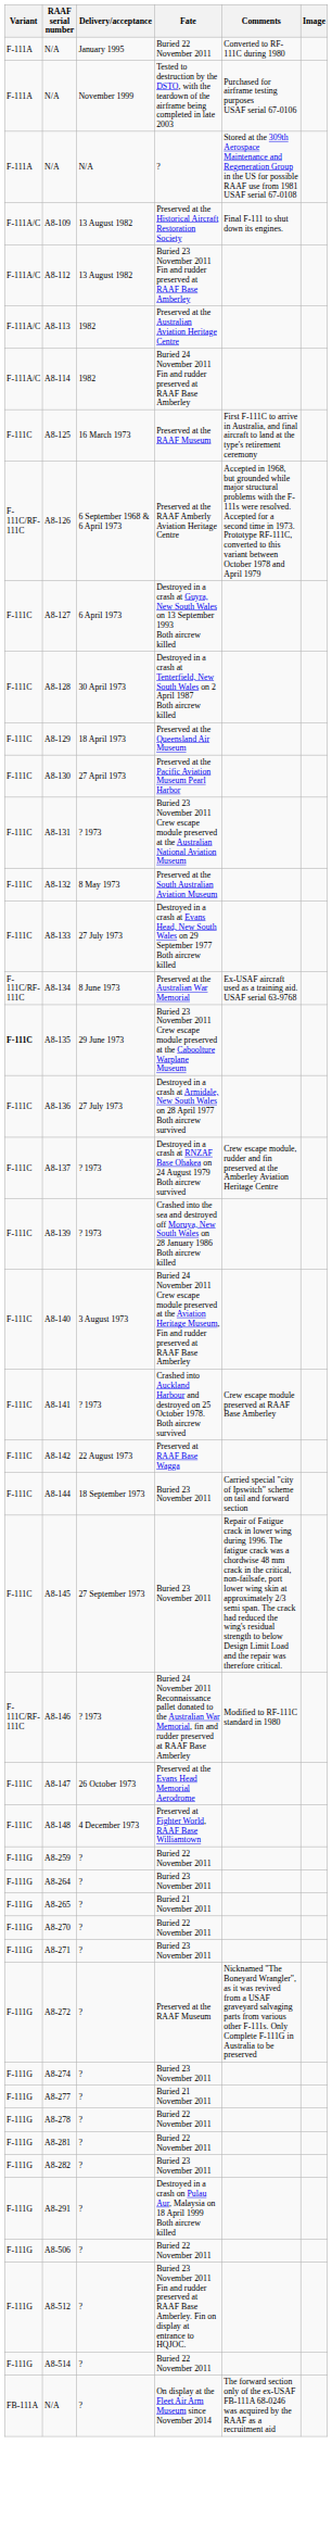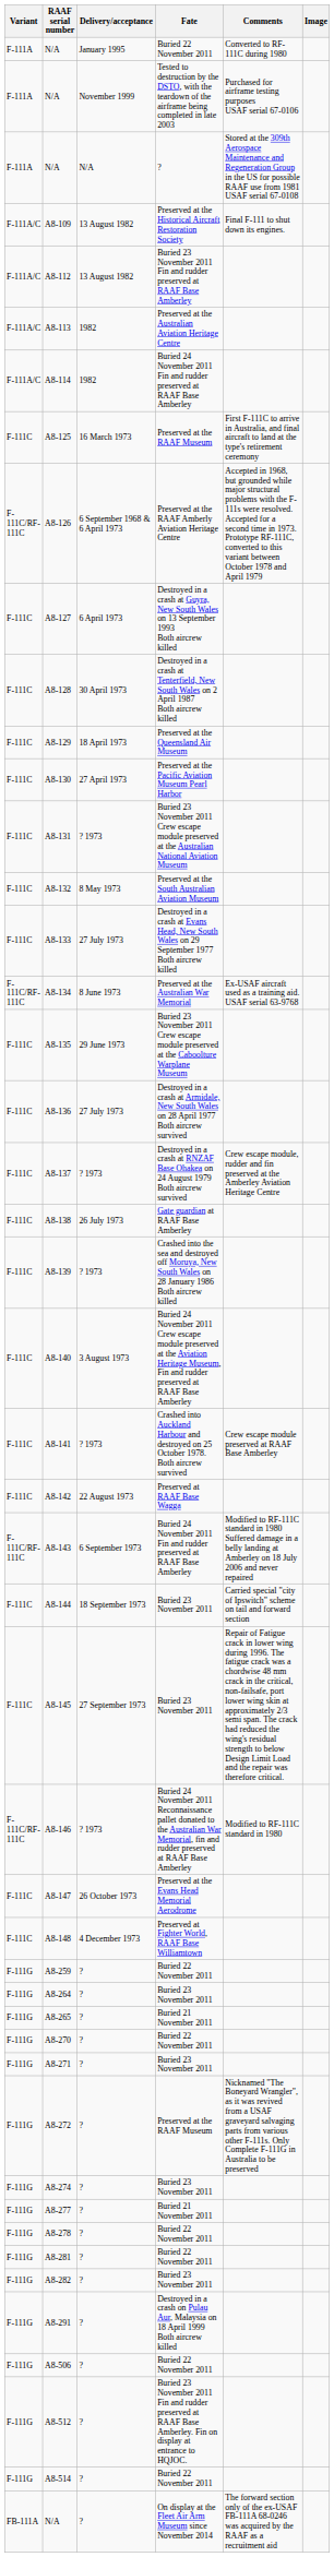 <table class="wikitable">
 <tr>
 <th>Variant</th>
 <th>RAAF serial number</th>
 <th>Delivery/acceptance</th>
 <th>Fate</th>
 <th>Comments</th>
 <th>Image</th>
 </tr>
 <tr>
 <td>F-111A</td>
 <td>N/A</td>
 <td>January 1995</td>
 <td>Buried 22 November 2011</td>
 <td>Converted to RF-111C during 1980</td>
 <td></td>
 </tr>
 <tr>
 <td>F-111A</td>
 <td>N/A</td>
 <td>November 1999</td>
 <td>Tested to destruction by the <a href='#'>DSTO</a>, with the teardown of the airframe being completed in late 2003</td>
 <td>Purchased for airframe testing purposes<br>USAF serial 67-0106</td>
 <td></td>
 </tr>
 <tr>
 <td>F-111A</td>
 <td>N/A</td>
 <td>N/A</td>
 <td>?</td>
 <td>Stored at the <a href='#'>309th Aerospace Maintenance and Regeneration Group</a> in the US for possible RAAF use from 1981<br> USAF serial 67-0108</td>
 <td></td>
 </tr>
 <tr>
 <td>F-111A/C</td>
 <td>A8-109</td>
 <td>13 August 1982</td>
 <td>Preserved at the <a href='#'>Historical Aircraft Restoration Society</a></td>
 <td>Final F-111 to shut down its engines.</td>
 <td></td>
 </tr>
 <tr>
 <td>F-111A/C</td>
 <td>A8-112</td>
 <td>13 August 1982</td>
 <td>Buried 23 November 2011<br>Fin and rudder preserved at <a href='#'>RAAF Base Amberley</a></td>
 <td></td>
 <td></td>
 </tr>
 <tr>
 <td>F-111A/C</td>
 <td>A8-113</td>
 <td>1982</td>
 <td>Preserved at the <a href='#'>Australian Aviation Heritage Centre</a></td>
 <td></td>
 <td></td>
 </tr>
 <tr>
 <td>F-111A/C</td>
 <td>A8-114</td>
 <td>1982</td>
 <td>Buried 24 November 2011<br>Fin and rudder preserved at RAAF Base Amberley</td>
 <td></td>
 <td></td>
 </tr>
 <tr>
 <td>F-111C</td>
 <td>A8-125</td>
 <td>16 March 1973</td>
 <td>Preserved at the <a href='#'>RAAF Museum</a></td>
 <td>First F-111C to arrive in Australia, and final aircraft to land at the type's retirement ceremony</td>
 <td></td>
 </tr>
 <tr>
 <td>F-111C/RF-111C</td>
 <td>A8-126</td>
 <td>6 September 1968 & 6 April 1973</td>
 <td>Preserved at the RAAF Amberly Aviation Heritage Centre</td>
 <td>Accepted in 1968, but grounded while major structural problems with the F-111s were resolved.<br>Accepted for a second time in 1973.<br>Prototype RF-111C, converted to this variant between October 1978 and April 1979</td>
 <td></td>
 </tr>
 <tr>
 <td>F-111C</td>
 <td>A8-127</td>
 <td>6 April 1973</td>
 <td>Destroyed in a crash at <a href='#'>Guyra, New South Wales</a> on 13 September 1993<br>Both aircrew killed</td>
 <td></td>
 <td></td>
 </tr>
 <tr>
 <td>F-111C</td>
 <td>A8-128</td>
 <td>30 April 1973</td>
 <td>Destroyed in a crash at <a href='#'>Tenterfield, New South Wales</a> on 2 April 1987<br>Both aircrew killed</td>
 <td></td>
 <td></td>
 </tr>
 <tr>
 <td>F-111C</td>
 <td>A8-129</td>
 <td>18 April 1973</td>
 <td>Preserved at the <a href='#'>Queensland Air Museum</a></td>
 <td></td>
 <td></td>
 </tr>
 <tr>
 <td>F-111C</td>
 <td>A8-130</td>
 <td>27 April 1973</td>
 <td>Preserved at the <a href='#'>Pacific Aviation Museum Pearl Harbor</a></td>
 <td></td>
 <td></td>
 </tr>
 <tr>
 <td>F-111C</td>
 <td>A8-131</td>
 <td>? 1973</td>
 <td>Buried 23 November 2011<br>Crew escape module preserved at the <a href='#'>Australian National Aviation Museum</a></td>
 <td></td>
 <td></td>
 </tr>
 <tr>
 <td>F-111C</td>
 <td>A8-132</td>
 <td>8 May 1973</td>
 <td>Preserved at the <a href='#'>South Australian Aviation Museum</a></td>
 <td></td>
 <td></td>
 </tr>
 <tr>
 <td>F-111C</td>
 <td>A8-133</td>
 <td>27 July 1973</td>
 <td>Destroyed in a crash at <a href='#'>Evans Head, New South Wales</a> on 29 September 1977<br>Both aircrew killed</td>
 <td></td>
 <td></td>
 </tr>
 <tr>
 <td>F-111C/RF-111C</td>
 <td>A8-134</td>
 <td>8 June 1973</td>
 <td>Preserved at the <a href='#'>Australian War Memorial</a></td>
 <td>Ex-USAF aircraft used as a training aid.<br>USAF serial 63-9768</td>
 <td></td>
 </tr>
 <tr>
-<td><strong>F-111C</strong></td>
+<td>F-111C</td>
 <td>A8-135</td>
 <td>29 June 1973</td>
 <td>Buried 23 November 2011<br>Crew escape module preserved at the <a href='#'>Caboolture Warplane Museum</a></td>
 <td></td>
 <td></td>
 </tr>
 <tr>
 <td>F-111C</td>
 <td>A8-136</td>
 <td>27 July 1973</td>
 <td>Destroyed in a crash at <a href='#'>Armidale, New South Wales</a> on 28 April 1977<br>Both aircrew survived</td>
 <td></td>
 <td></td>
 </tr>
 <tr>
 <td>F-111C</td>
 <td>A8-137</td>
 <td>? 1973</td>
 <td>Destroyed in a crash at <a href='#'>RNZAF Base Ohakea</a> on 24 August 1979<br>Both aircrew survived</td>
 <td>Crew escape module, rudder and fin preserved at the Amberley Aviation Heritage Centre</td>
+<td></td>
+</tr>
+<tr>
+<td>F-111C</td>
+<td>A8-138</td>
+<td>26 July 1973</td>
+<td><a href='#'>Gate guardian</a> at RAAF Base Amberley</td>
+<td></td>
 <td></td>
 </tr>
 <tr>
 <td>F-111C</td>
 <td>A8-139</td>
 <td>? 1973</td>
 <td>Crashed into the sea and destroyed off <a href='#'>Moruya, New South Wales</a> on 28 January 1986<br>Both aircrew killed</td>
 <td></td>
 <td></td>
 </tr>
 <tr>
 <td>F-111C</td>
 <td>A8-140</td>
 <td>3 August 1973</td>
 <td>Buried 24 November 2011<br>Crew escape module preserved at the <a href='#'>Aviation Heritage Museum</a>, Fin and rudder preserved at RAAF Base Amberley</td>
 <td></td>
 <td></td>
 </tr>
 <tr>
 <td>F-111C</td>
 <td>A8-141</td>
 <td>? 1973</td>
 <td>Crashed into <a href='#'>Auckland Harbour</a> and destroyed on 25 October 1978.<br>Both aircrew survived</td>
 <td>Crew escape module preserved at RAAF Base Amberley</td>
 <td></td>
 </tr>
 <tr>
 <td>F-111C</td>
 <td>A8-142</td>
 <td>22 August 1973</td>
 <td>Preserved at <a href='#'>RAAF Base Wagga</a></td>
 <td></td>
+<td></td>
+</tr>
+<tr>
+<td>F-111C/RF-111C</td>
+<td>A8-143</td>
+<td>6 September 1973</td>
+<td>Buried 24 November 2011<br>Fin and rudder preserved at RAAF Base Amberley</td>
+<td>Modified to RF-111C standard in 1980 <br>Suffered damage in a belly landing at Amberley on 18 July 2006 and never repaired</td>
 <td></td>
 </tr>
 <tr>
 <td>F-111C</td>
 <td>A8-144</td>
 <td>18 September 1973</td>
 <td>Buried 23 November 2011</td>
 <td>Carried special "city of Ipswitch" scheme on tail and forward section</td>
 <td></td>
 </tr>
 <tr>
 <td>F-111C</td>
 <td>A8-145</td>
 <td>27 September 1973</td>
 <td>Buried 23 November 2011</td>
 <td>Repair of Fatigue crack in lower wing during 1996. The fatigue crack was a chordwise 48 mm crack in the critical, non-failsafe, port lower wing skin at approximately 2/3 semi span. The crack had reduced the wing's residual strength to below Design Limit Load and the repair was therefore critical.</td>
 <td></td>
 </tr>
 <tr>
 <td>F-111C/RF-111C</td>
 <td>A8-146</td>
 <td>? 1973</td>
 <td>Buried 24 November 2011<br>Reconnaissance pallet donated to the <a href='#'>Australian War Memorial</a>, fin and rudder preserved at RAAF Base Amberley</td>
 <td>Modified to RF-111C standard in 1980</td>
 <td></td>
 </tr>
 <tr>
 <td>F-111C</td>
 <td>A8-147</td>
 <td>26 October 1973</td>
 <td>Preserved at the <a href='#'>Evans Head Memorial Aerodrome</a></td>
 <td></td>
 <td></td>
 </tr>
 <tr>
 <td>F-111C</td>
 <td>A8-148</td>
 <td>4 December 1973</td>
 <td>Preserved at <a href='#'>Fighter World</a>, <a href='#'>RAAF Base Williamtown</a></td>
 <td></td>
 <td></td>
 </tr>
 <tr>
 <td>F-111G</td>
 <td>A8-259</td>
 <td>?</td>
 <td>Buried 22 November 2011</td>
 <td></td>
 <td></td>
 </tr>
 <tr>
 <td>F-111G</td>
 <td>A8-264</td>
 <td>?</td>
 <td>Buried 23 November 2011</td>
 <td></td>
 <td></td>
 </tr>
 <tr>
 <td>F-111G</td>
 <td>A8-265</td>
 <td>?</td>
 <td>Buried 21 November 2011</td>
 <td></td>
 <td></td>
 </tr>
 <tr>
 <td>F-111G</td>
 <td>A8-270</td>
 <td>?</td>
 <td>Buried 22 November 2011</td>
 <td></td>
 <td></td>
 </tr>
 <tr>
 <td>F-111G</td>
 <td>A8-271</td>
 <td>?</td>
 <td>Buried 23 November 2011</td>
 <td></td>
 <td></td>
 </tr>
 <tr>
 <td>F-111G</td>
 <td>A8-272</td>
 <td>?</td>
 <td>Preserved at the RAAF Museum</td>
 <td>Nicknamed "The Boneyard Wrangler", as it was revived from a USAF graveyard salvaging parts from various other F-111s. Only Complete F-111G in Australia to be preserved</td>
 <td></td>
 </tr>
 <tr>
 <td>F-111G</td>
 <td>A8-274</td>
 <td>?</td>
 <td>Buried 23 November 2011</td>
 <td></td>
 <td></td>
 </tr>
 <tr>
 <td>F-111G</td>
 <td>A8-277</td>
 <td>?</td>
 <td>Buried 21 November 2011</td>
 <td></td>
 <td></td>
 </tr>
 <tr>
 <td>F-111G</td>
 <td>A8-278</td>
 <td>?</td>
 <td>Buried 22 November 2011</td>
 <td></td>
 <td></td>
 </tr>
 <tr>
 <td>F-111G</td>
 <td>A8-281</td>
 <td>?</td>
 <td>Buried 22 November 2011</td>
 <td></td>
 <td></td>
 </tr>
 <tr>
 <td>F-111G</td>
 <td>A8-282</td>
 <td>?</td>
 <td>Buried 23 November 2011</td>
 <td></td>
 <td></td>
 </tr>
 <tr>
 <td>F-111G</td>
 <td>A8-291</td>
 <td>?</td>
 <td>Destroyed in a crash on <a href='#'>Pulau Aur</a>, Malaysia on 18 April 1999<br>Both aircrew killed</td>
 <td></td>
 <td></td>
 </tr>
 <tr>
 <td>F-111G</td>
 <td>A8-506</td>
 <td>?</td>
 <td>Buried 22 November 2011</td>
 <td></td>
 <td></td>
 </tr>
 <tr>
 <td>F-111G</td>
 <td>A8-512</td>
 <td>?</td>
 <td>Buried 23 November 2011<br>Fin and rudder preserved at RAAF Base Amberley. Fin on display at entrance to HQJOC.</td>
 <td></td>
 <td></td>
 </tr>
 <tr>
 <td>F-111G</td>
 <td>A8-514</td>
 <td>?</td>
 <td>Buried 22 November 2011</td>
 <td></td>
 <td></td>
 </tr>
 <tr>
 <td>FB-111A</td>
 <td>N/A</td>
 <td>?</td>
 <td>On display at the <a href='#'>Fleet Air Arm Museum</a> since November 2014</td>
 <td>The forward section only of the ex-USAF FB-111A 68-0246 was acquired by the RAAF as a recruitment aid</td>
 <td></td>
 </tr>
 </table>
